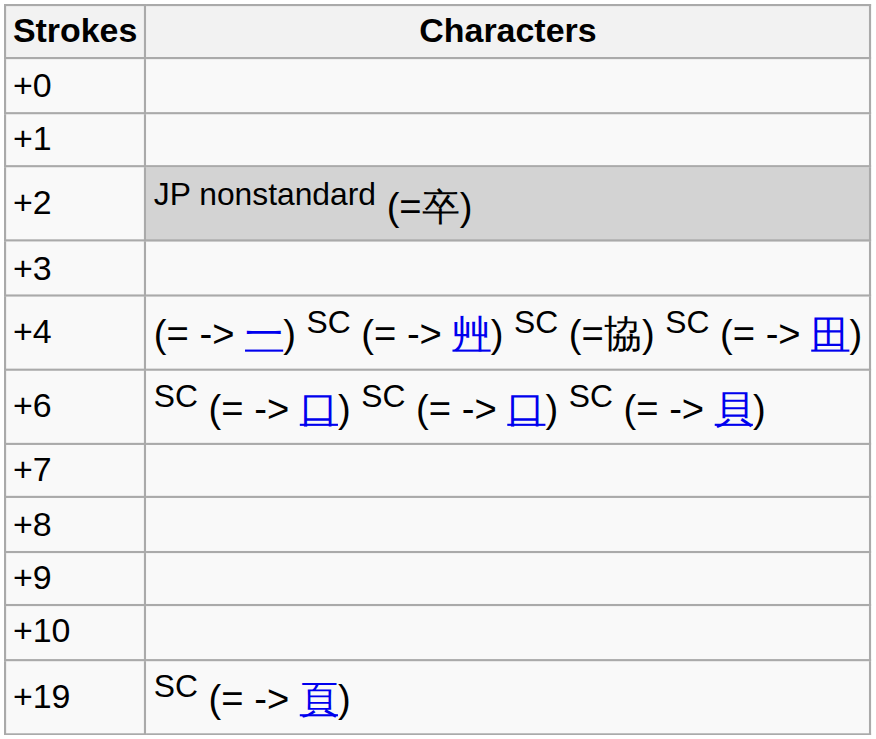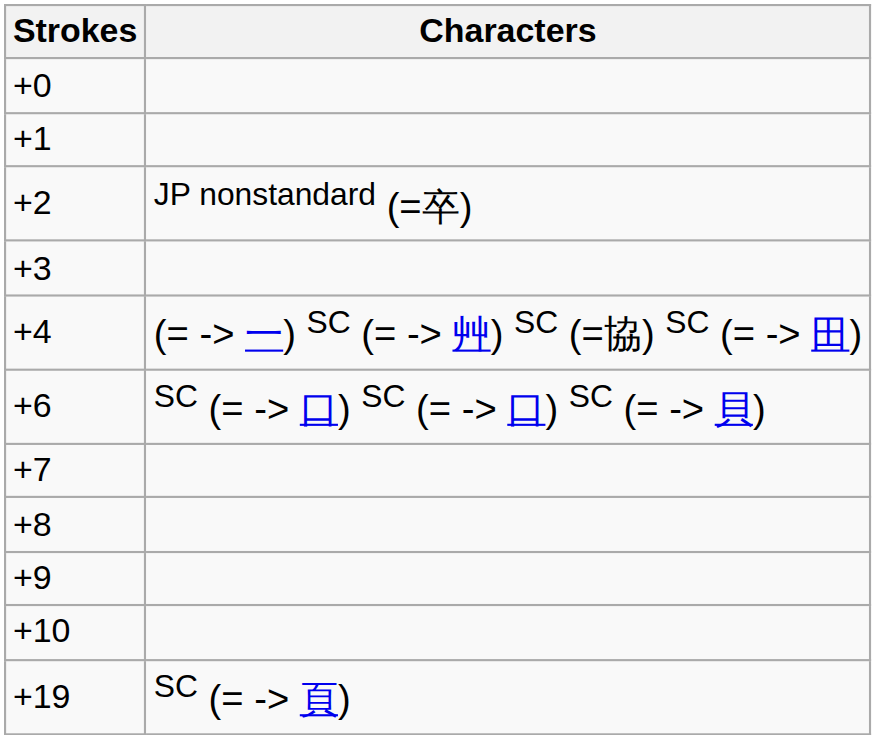 <table class="wikitable">
 <tr>
 <th>Strokes</th>
 <th>Characters</th>
 </tr>
 <tr --->
 <td>+0</td>
 <td style="font-size: large;"></td>
 </tr>
 <tr>
 <td>+1</td>
 <td style="font-size: large;">  </td>
 </tr>
 <tr --->
 <td>+2</td>
-<td style="background: lightgrey; font-size: large;"> <sup>JP nonstandard</sup> (=卒)  </td>
+<td style="font-size: large;"> <sup>JP nonstandard</sup> (=卒)  </td>
 </tr>
 <tr --->
 <td>+3</td>
 <td style="font-size: large;"> </td>
 </tr>
 <tr --->
 <td>+4</td>
 <td style="font-size: large;"> (= -> <a href='#'>一</a>)   <sup>SC</sup> (= -> <a href='#'>艸</a>) <sup>SC</sup> (=協)  <sup>SC</sup> (= -> <a href='#'>田</a>)</td>
 </tr>
 <tr --->
 <td>+6</td>
 <td style="font-size: large;"><sup>SC</sup> (= -> <a href='#'>口</a>)     <sup>SC</sup> (= -> <a href='#'>口</a>) <sup>SC</sup> (= -> <a href='#'>貝</a>)</td>
 </tr>
 <tr --->
 <td>+7</td>
 <td style="font-size: large;"></td>
 </tr>
 <tr --->
 <td>+8</td>
 <td style="font-size: large;"></td>
 </tr>
 <tr --->
 <td>+9</td>
 <td style="font-size: large;"></td>
 </tr>
 <tr --->
 <td>+10</td>
 <td style="font-size: large;"></td>
 </tr>
 <tr>
 <td>+19</td>
 <td style="font-size: large;"> <sup>SC</sup> (= -> <a href='#'>頁</a>)</td>
 </tr>
 </table>
